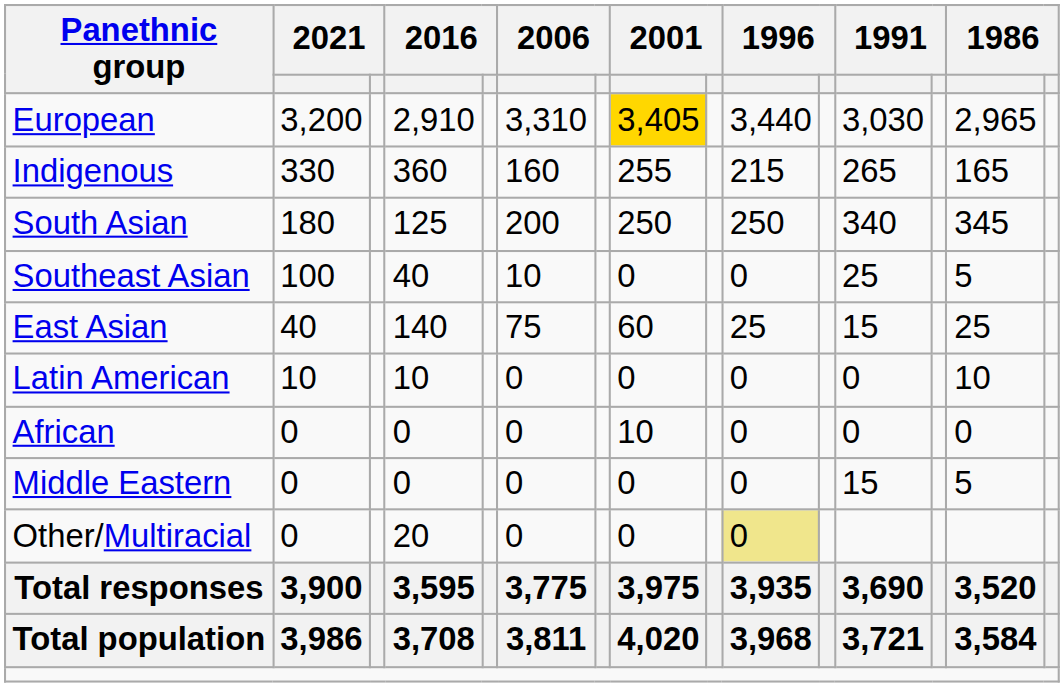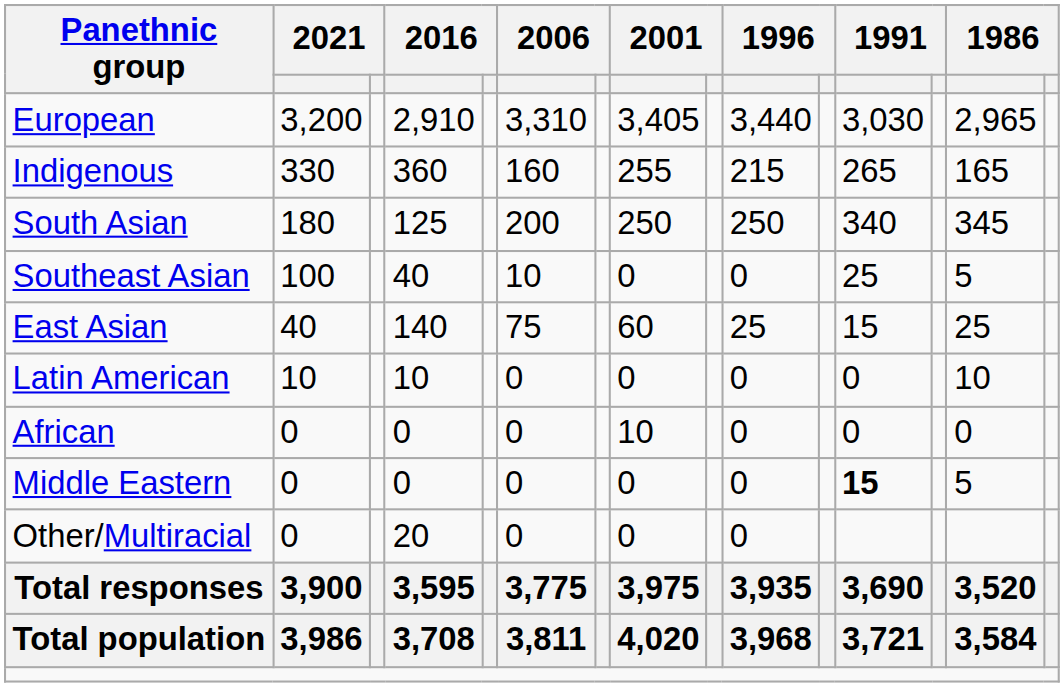 <table class="wikitable collapsible sortable">
 <tr>
 <th rowspan="2"><a href='#'>Panethnic</a><br>group</th>
 <th colspan="2">2021</th>
 <th colspan="2">2016</th>
 <th colspan="2">2006</th>
 <th colspan="2">2001</th>
 <th colspan="2">1996</th>
 <th colspan="2">1991</th>
 <th colspan="2">1986</th>
 </tr>
 <tr>
 <th><a href='#'></a></th>
 <th></th>
 <th></th>
 <th></th>
 <th></th>
 <th></th>
 <th></th>
 <th></th>
 <th></th>
 <th></th>
 <th></th>
 <th></th>
 <th></th>
 <th></th>
 </tr>
 <tr>
 <td><a href='#'>European</a></td>
 <td>3,200</td>
 <td></td>
 <td>2,910</td>
 <td></td>
 <td>3,310</td>
 <td></td>
-<td style="background: gold;">3,405</td>
+<td>3,405</td>
 <td></td>
 <td>3,440</td>
 <td></td>
 <td>3,030</td>
 <td></td>
 <td>2,965</td>
 <td></td>
 </tr>
 <tr>
 <td><a href='#'>Indigenous</a></td>
 <td>330</td>
 <td></td>
 <td>360</td>
 <td></td>
 <td>160</td>
 <td></td>
 <td>255</td>
 <td></td>
 <td>215</td>
 <td></td>
 <td>265</td>
 <td></td>
 <td>165</td>
 <td></td>
 </tr>
 <tr>
 <td><a href='#'>South Asian</a></td>
 <td>180</td>
 <td></td>
 <td>125</td>
 <td></td>
 <td>200</td>
 <td></td>
 <td>250</td>
 <td></td>
 <td>250</td>
 <td></td>
 <td>340</td>
 <td></td>
 <td>345</td>
 <td></td>
 </tr>
 <tr>
 <td><a href='#'>Southeast Asian</a></td>
 <td>100</td>
 <td></td>
 <td>40</td>
 <td></td>
 <td>10</td>
 <td></td>
 <td>0</td>
 <td></td>
 <td>0</td>
 <td></td>
 <td>25</td>
 <td></td>
 <td>5</td>
 <td></td>
 </tr>
 <tr>
 <td><a href='#'>East Asian</a></td>
 <td>40</td>
 <td></td>
 <td>140</td>
 <td></td>
 <td>75</td>
 <td></td>
 <td>60</td>
 <td></td>
 <td>25</td>
 <td></td>
 <td>15</td>
 <td></td>
 <td>25</td>
 <td></td>
 </tr>
 <tr>
 <td><a href='#'>Latin American</a></td>
 <td>10</td>
 <td></td>
 <td>10</td>
 <td></td>
 <td>0</td>
 <td></td>
 <td>0</td>
 <td></td>
 <td>0</td>
 <td></td>
 <td>0</td>
 <td></td>
 <td>10</td>
 <td></td>
 </tr>
 <tr>
 <td><a href='#'>African</a></td>
 <td>0</td>
 <td></td>
 <td>0</td>
 <td></td>
 <td>0</td>
 <td></td>
 <td>10</td>
 <td></td>
 <td>0</td>
 <td></td>
 <td>0</td>
 <td></td>
 <td>0</td>
 <td></td>
 </tr>
 <tr>
 <td><a href='#'>Middle Eastern</a></td>
 <td>0</td>
 <td></td>
 <td>0</td>
 <td></td>
 <td>0</td>
 <td></td>
 <td>0</td>
 <td></td>
 <td>0</td>
 <td></td>
-<td>15</td>
+<td><strong>15</strong></td>
 <td></td>
 <td>5</td>
 <td></td>
 </tr>
 <tr>
 <td>Other/<a href='#'>Multiracial</a></td>
 <td>0</td>
 <td></td>
 <td>20</td>
 <td></td>
 <td>0</td>
 <td></td>
 <td>0</td>
 <td></td>
-<td style="background: khaki;">0</td>
+<td>0</td>
 <td></td>
 <td></td>
 <td></td>
 <td></td>
 <td></td>
 </tr>
 <tr>
 <th>Total responses</th>
 <th>3,900</th>
 <th></th>
 <th>3,595</th>
 <th></th>
 <th>3,775</th>
 <th></th>
 <th>3,975</th>
 <th></th>
 <th>3,935</th>
 <th></th>
 <th>3,690</th>
 <th></th>
 <th>3,520</th>
 <th></th>
 </tr>
 <tr>
 <th>Total population</th>
 <th>3,986</th>
 <th></th>
 <th>3,708</th>
 <th></th>
 <th>3,811</th>
 <th></th>
 <th>4,020</th>
 <th></th>
 <th>3,968</th>
 <th></th>
 <th>3,721</th>
 <th></th>
 <th>3,584</th>
 <th></th>
 </tr>
 <tr class="sortbottom">
 <td colspan="20"></td>
 </tr>
 </table>
